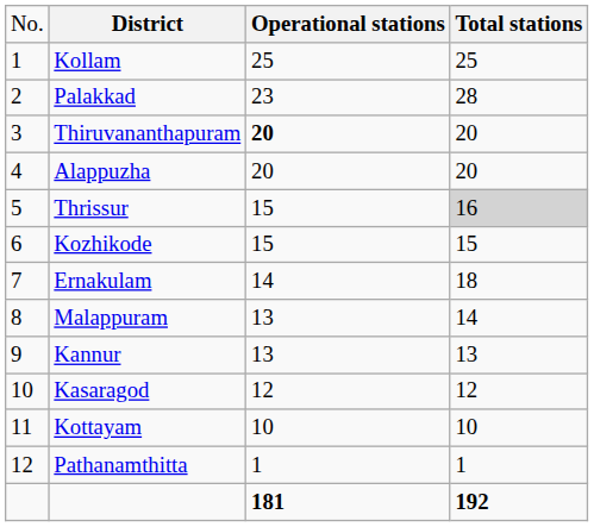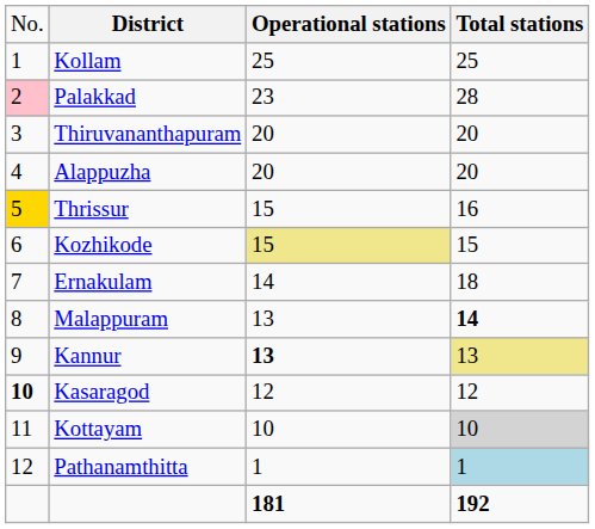 <table class="wikitable sortable" font-size: 0.9em; style="font-size: 90%;">
 <tr>
 <td>No.</td>
 <th>District</th>
 <th>Operational stations</th>
 <th>Total stations</th>
 </tr>
 <tr>
 <td>1</td>
 <td><a href='#'>Kollam</a></td>
 <td>25</td>
 <td>25</td>
 </tr>
 <tr>
-<td>2</td>
+<td style="background: pink;">2</td>
 <td><a href='#'>Palakkad</a></td>
 <td>23</td>
 <td>28</td>
 </tr>
 <tr>
 <td>3</td>
 <td><a href='#'>Thiruvananthapuram</a></td>
-<td><strong>20</strong></td>
+<td>20</td>
 <td>20</td>
 </tr>
 <tr>
 <td>4</td>
 <td><a href='#'>Alappuzha</a></td>
 <td>20</td>
 <td>20</td>
 </tr>
 <tr>
-<td>5</td>
+<td style="background: gold;">5</td>
 <td><a href='#'>Thrissur</a></td>
 <td>15</td>
-<td style="background: lightgrey;">16</td>
+<td>16</td>
 </tr>
 <tr>
 <td>6</td>
 <td><a href='#'>Kozhikode</a></td>
-<td>15</td>
+<td style="background: khaki;">15</td>
 <td>15</td>
 </tr>
 <tr>
 <td>7</td>
 <td><a href='#'>Ernakulam</a></td>
 <td>14</td>
 <td>18</td>
 </tr>
 <tr>
 <td>8</td>
 <td><a href='#'>Malappuram</a></td>
 <td>13</td>
-<td>14</td>
+<td><strong>14</strong></td>
 </tr>
 <tr>
 <td>9</td>
 <td><a href='#'>Kannur</a></td>
-<td>13</td>
-<td>13</td>
+<td><strong>13</strong></td>
+<td style="background: khaki;">13</td>
 </tr>
 <tr>
-<td>10</td>
+<td><strong>10</strong></td>
 <td><a href='#'>Kasaragod</a></td>
 <td>12</td>
 <td>12</td>
 </tr>
 <tr>
 <td>11</td>
 <td><a href='#'>Kottayam</a></td>
 <td>10</td>
-<td>10</td>
+<td style="background: lightgrey;">10</td>
 </tr>
 <tr>
 <td>12</td>
 <td><a href='#'>Pathanamthitta</a></td>
 <td>1</td>
-<td>1</td>
+<td style="background: lightblue;">1</td>
 </tr>
 <tr>
 <td></td>
 <td></td>
 <td><strong>181</strong></td>
 <td><strong>192</strong></td>
 </tr>
 </table>
